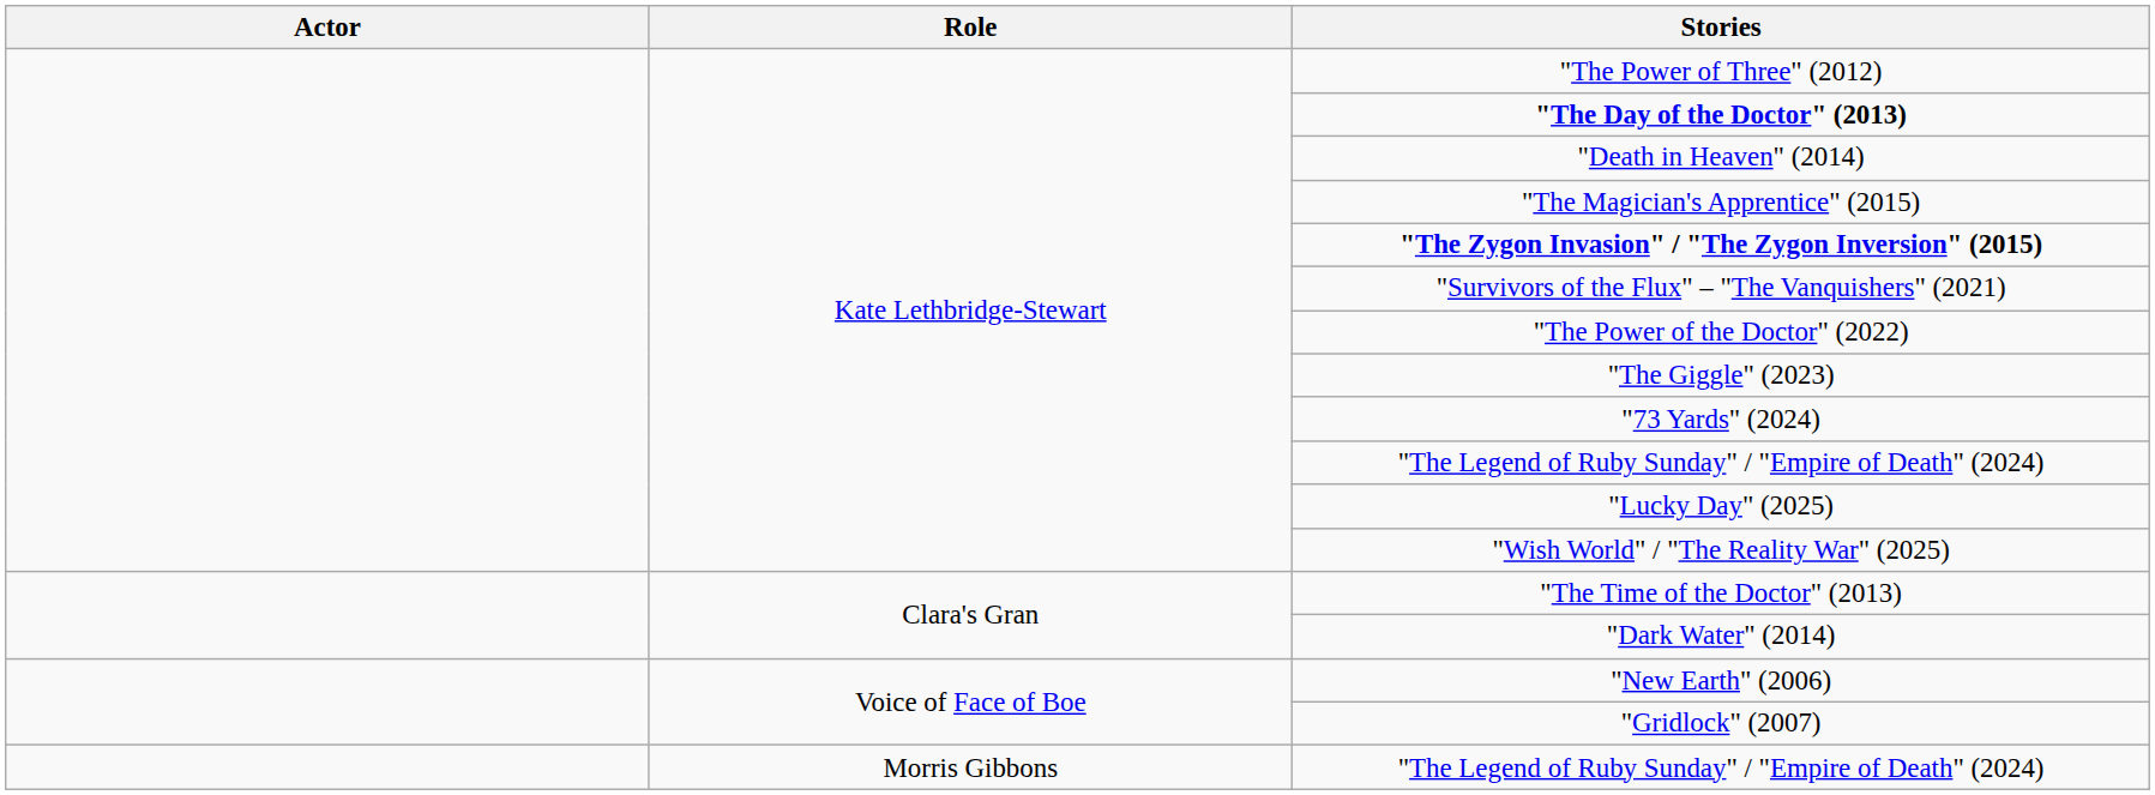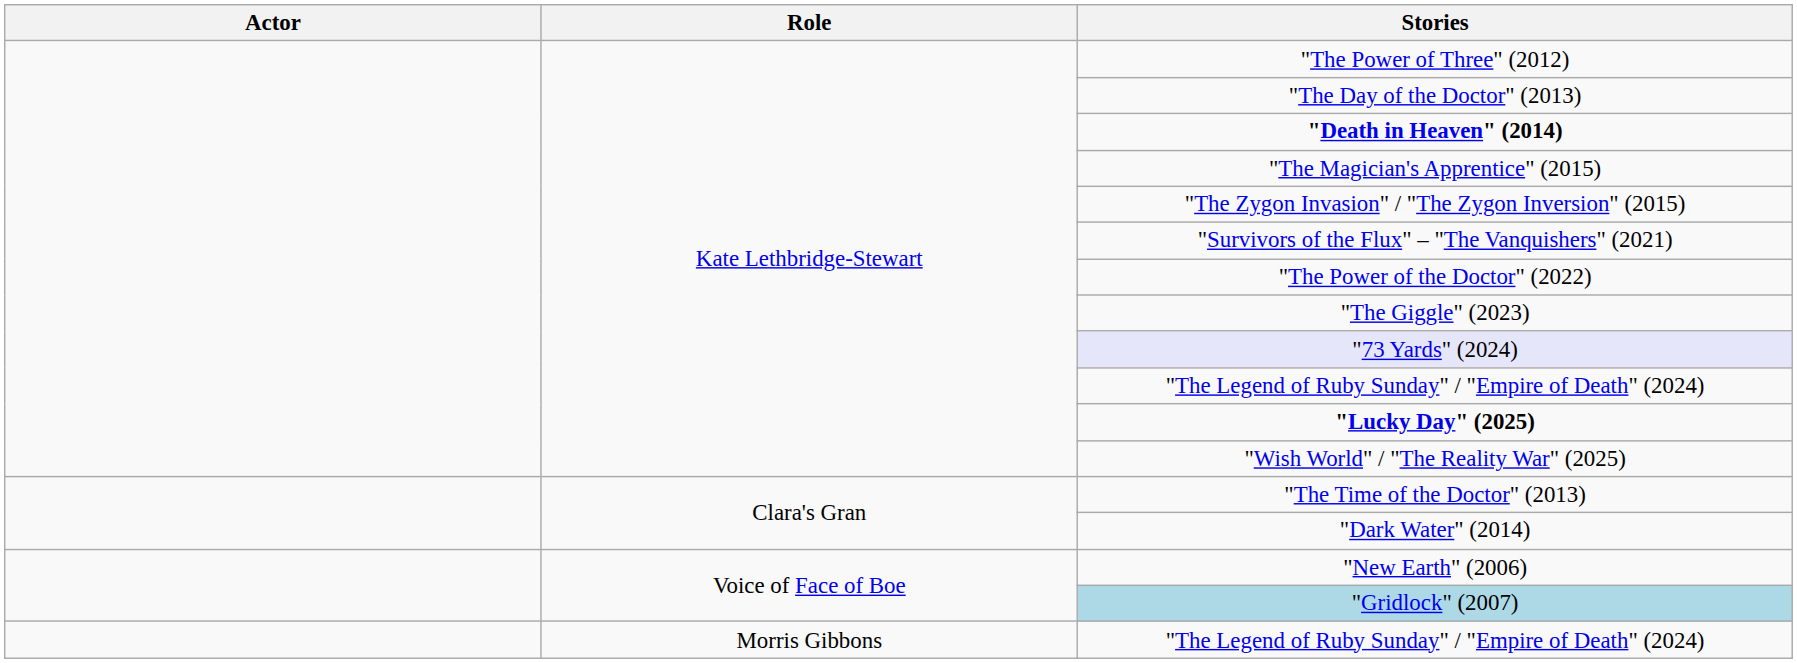 <table class="wikitable plainrowheaders sortable" style="text-align:center; width:99%;">
 <tr>
 <th style="width:30%;">Actor</th>
 <th scope="col" style="width:30%;">Role</th>
 <th scope="col" style="width:40%;">Stories</th>
 </tr>
 <tr>
 <td scope="row" rowspan="12"></td>
 <td rowspan="12"><a href='#'>Kate Lethbridge-Stewart</a></td>
 <td data-sort-value="229">"<a href='#'>The Power of Three</a>" (2012)</td>
 </tr>
 <tr>
-<td data-sort-value="240"><strong>"<a href='#'>The Day of the Doctor</a>" (2013)</strong></td>
+<td data-sort-value="240">"<a href='#'>The Day of the Doctor</a>" (2013)</td>
 </tr>
 <tr>
-<td data-sort-value="252b">"<a href='#'>Death in Heaven</a>" (2014)</td>
+<td data-sort-value="252b"><strong>"<a href='#'>Death in Heaven</a>" (2014)</strong></td>
 </tr>
 <tr>
 <td data-sort-value="254a">"<a href='#'>The Magician's Apprentice</a>" (2015)</td>
 </tr>
 <tr>
-<td data-sort-value="258a"><strong>"<a href='#'>The Zygon Invasion</a>" / "<a href='#'>The Zygon Inversion</a>" (2015)</strong></td>
+<td data-sort-value="258a">"<a href='#'>The Zygon Invasion</a>" / "<a href='#'>The Zygon Inversion</a>" (2015)</td>
 </tr>
 <tr>
 <td data-sort-value="297e">"<a href='#'>Survivors of the Flux</a>" – "<a href='#'>The Vanquishers</a>" (2021)</td>
 </tr>
 <tr>
 <td data-sort-value="300">"<a href='#'>The Power of the Doctor</a>" (2022)</td>
 </tr>
 <tr>
 <td data-sort-value="303">"<a href='#'>The Giggle</a>" (2023)</td>
 </tr>
 <tr>
-<td data-sort-value="308">"<a href='#'>73 Yards</a>" (2024)</td>
+<td data-sort-value="308" style="background: lavender;">"<a href='#'>73 Yards</a>" (2024)</td>
 </tr>
 <tr>
 <td data-sort-value="311a">"<a href='#'>The Legend of Ruby Sunday</a>" / "<a href='#'>Empire of Death</a>" (2024)</td>
 </tr>
 <tr>
-<td data-sort-value="316">"<a href='#'>Lucky Day</a>" (2025)</td>
+<td data-sort-value="316"><strong>"<a href='#'>Lucky Day</a>" (2025)</strong></td>
 </tr>
 <tr>
 <td data-sort-value="319a">"<a href='#'>Wish World</a>" / "<a href='#'>The Reality War</a>" (2025)</td>
 </tr>
 <tr>
 <td scope="row" rowspan="2"></td>
 <td rowspan="2">Clara's Gran</td>
 <td data-sort-value="241">"<a href='#'>The Time of the Doctor</a>" (2013)</td>
 </tr>
 <tr>
 <td data-sort-value="252a">"<a href='#'>Dark Water</a>" (2014)</td>
 </tr>
 <tr>
 <td scope="row" rowspan="2"></td>
 <td rowspan="2">Voice of <a href='#'>Face of Boe</a></td>
 <td data-sort-value="168">"<a href='#'>New Earth</a>" (2006)</td>
 </tr>
 <tr>
-<td data-sort-value="181">"<a href='#'>Gridlock</a>" (2007)</td>
+<td data-sort-value="181" style="background: lightblue;">"<a href='#'>Gridlock</a>" (2007)</td>
 </tr>
 <tr>
 <td scope="row"></td>
 <td>Morris Gibbons</td>
 <td data-sort-value="311a">"<a href='#'>The Legend of Ruby Sunday</a>" / "<a href='#'>Empire of Death</a>" (2024)</td>
 </tr>
 </table>
